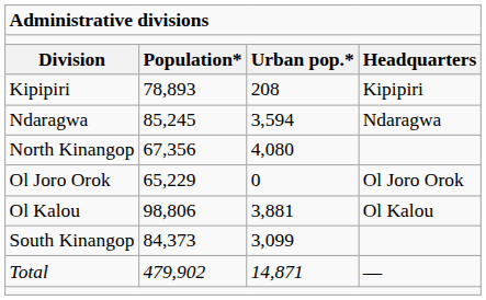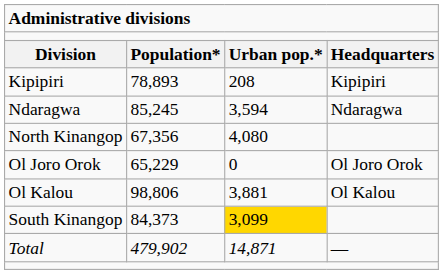 <table class="wikitable">
 <tr>
 <td colspan="4"><strong>Administrative divisions</strong></td>
 </tr>
 <tr>
 <td colspan="4"></td>
 </tr>
 <tr>
 <th>Division</th>
 <th>Population*</th>
 <th>Urban pop.*</th>
 <th>Headquarters</th>
 </tr>
 <tr>
 <td>Kipipiri</td>
 <td>78,893</td>
 <td>208</td>
 <td>Kipipiri</td>
 </tr>
 <tr>
 <td>Ndaragwa</td>
 <td>85,245</td>
 <td>3,594</td>
 <td>Ndaragwa</td>
 </tr>
 <tr>
 <td>North Kinangop</td>
 <td>67,356</td>
 <td>4,080</td>
 <td></td>
 </tr>
 <tr>
 <td>Ol Joro Orok</td>
 <td>65,229</td>
 <td>0</td>
 <td>Ol Joro Orok</td>
 </tr>
 <tr>
 <td>Ol Kalou</td>
 <td>98,806</td>
 <td>3,881</td>
 <td>Ol Kalou</td>
 </tr>
 <tr>
 <td>South Kinangop</td>
 <td>84,373</td>
-<td>3,099</td>
+<td style="background: gold;">3,099</td>
 <td></td>
 </tr>
 <tr>
 <td><em>Total</em></td>
 <td><em>479,902</em></td>
 <td><em>14,871</em></td>
 <td>—</td>
 </tr>
 <tr>
 <td colspan="4"></td>
 </tr>
 </table>
